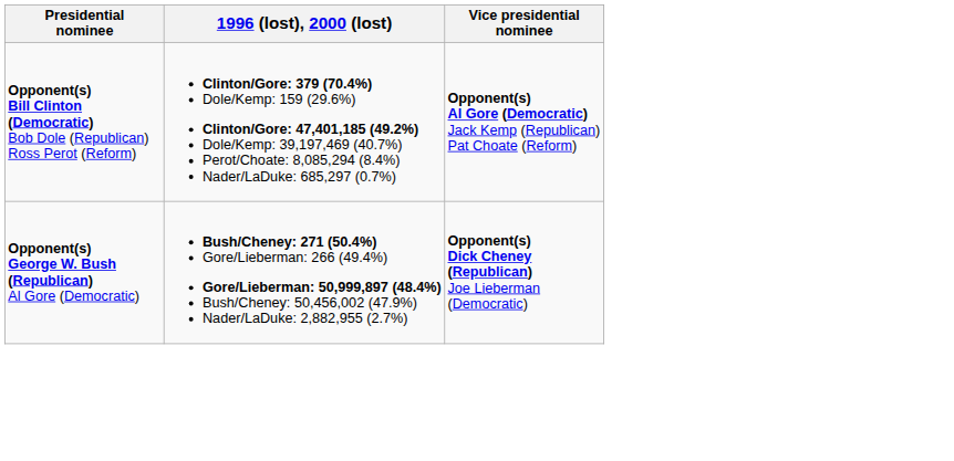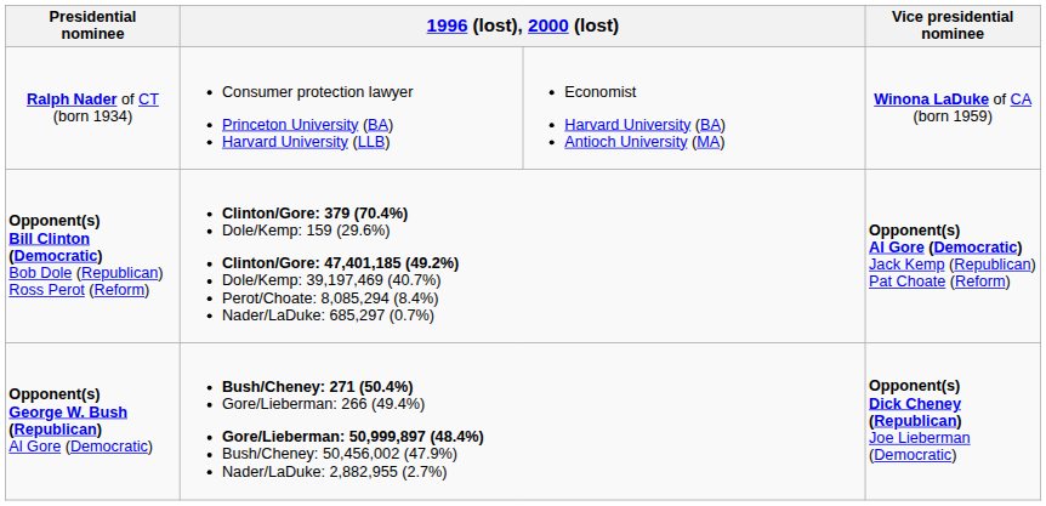 <table class="wikitable">
 <tr>
 <th width=175>Presidential<br>nominee</th>
 <th colspan=2><big><a href='#'>1996</a> (lost), <a href='#'>2000</a> (lost)</big></th>
 <th width=175>Vice presidential<br>nominee</th>
+</tr>
+<tr>
+<td style="text-align:center;"><strong><a href='#'>Ralph Nader</a></strong> of <a href='#'>CT</a><br>(born 1934)<br></td>
+<td width=350><br><ul><li>Consumer protection lawyer</li></ul><ul><li><a href='#'>Princeton University</a> (<a href='#'>BA</a>)</li><li><a href='#'>Harvard University</a> (<a href='#'>LLB</a>)</li></ul></td>
+<td width=350><br><ul><li>Economist</li></ul><ul><li><a href='#'>Harvard University</a> (<a href='#'>BA</a>)</li><li><a href='#'>Antioch University</a> (<a href='#'>MA</a>)</li></ul></td>
+<td style="text-align:center;"><strong><a href='#'>Winona LaDuke</a></strong> of <a href='#'>CA</a><br>(born 1959)<br></td>
 </tr>
 <tr>
 <td><strong>Opponent(s)</strong><br><strong><a href='#'>Bill Clinton</a> (<a href='#'>Democratic</a>)</strong><br><a href='#'>Bob Dole</a> (<a href='#'>Republican</a>)<br><a href='#'>Ross Perot</a> (<a href='#'>Reform</a>)</td>
 <td colspan=2><br><ul><li><strong>Clinton/Gore: 379 (70.4%)</strong></li><li>Dole/Kemp: 159 (29.6%)</li></ul><ul><li><strong>Clinton/Gore: 47,401,185 (49.2%)</strong></li><li>Dole/Kemp: 39,197,469 (40.7%)</li><li>Perot/Choate: 8,085,294 (8.4%)</li><li>Nader/LaDuke: 685,297 (0.7%)</li></ul></td>
 <td><strong>Opponent(s)</strong><br><strong><a href='#'>Al Gore</a> (<a href='#'>Democratic</a>)</strong><br><a href='#'>Jack Kemp</a> (<a href='#'>Republican</a>)<br><a href='#'>Pat Choate</a> (<a href='#'>Reform</a>)</td>
 </tr>
 <tr>
 <td><strong>Opponent(s)</strong><br><strong><a href='#'>George W. Bush</a> (<a href='#'>Republican</a>)</strong><br><a href='#'>Al Gore</a> (<a href='#'>Democratic</a>)</td>
 <td colspan=2><br><ul><li><strong>Bush/Cheney: 271 (50.4%)</strong></li><li>Gore/Lieberman: 266 (49.4%)</li></ul><ul><li><strong>Gore/Lieberman: 50,999,897 (48.4%)</strong></li><li>Bush/Cheney: 50,456,002 (47.9%)</li><li>Nader/LaDuke: 2,882,955 (2.7%)</li></ul></td>
 <td><strong>Opponent(s)</strong><br><strong><a href='#'>Dick Cheney</a> (<a href='#'>Republican</a>)</strong><br><a href='#'>Joe Lieberman</a> (<a href='#'>Democratic</a>)</td>
 </tr>
 </table>
